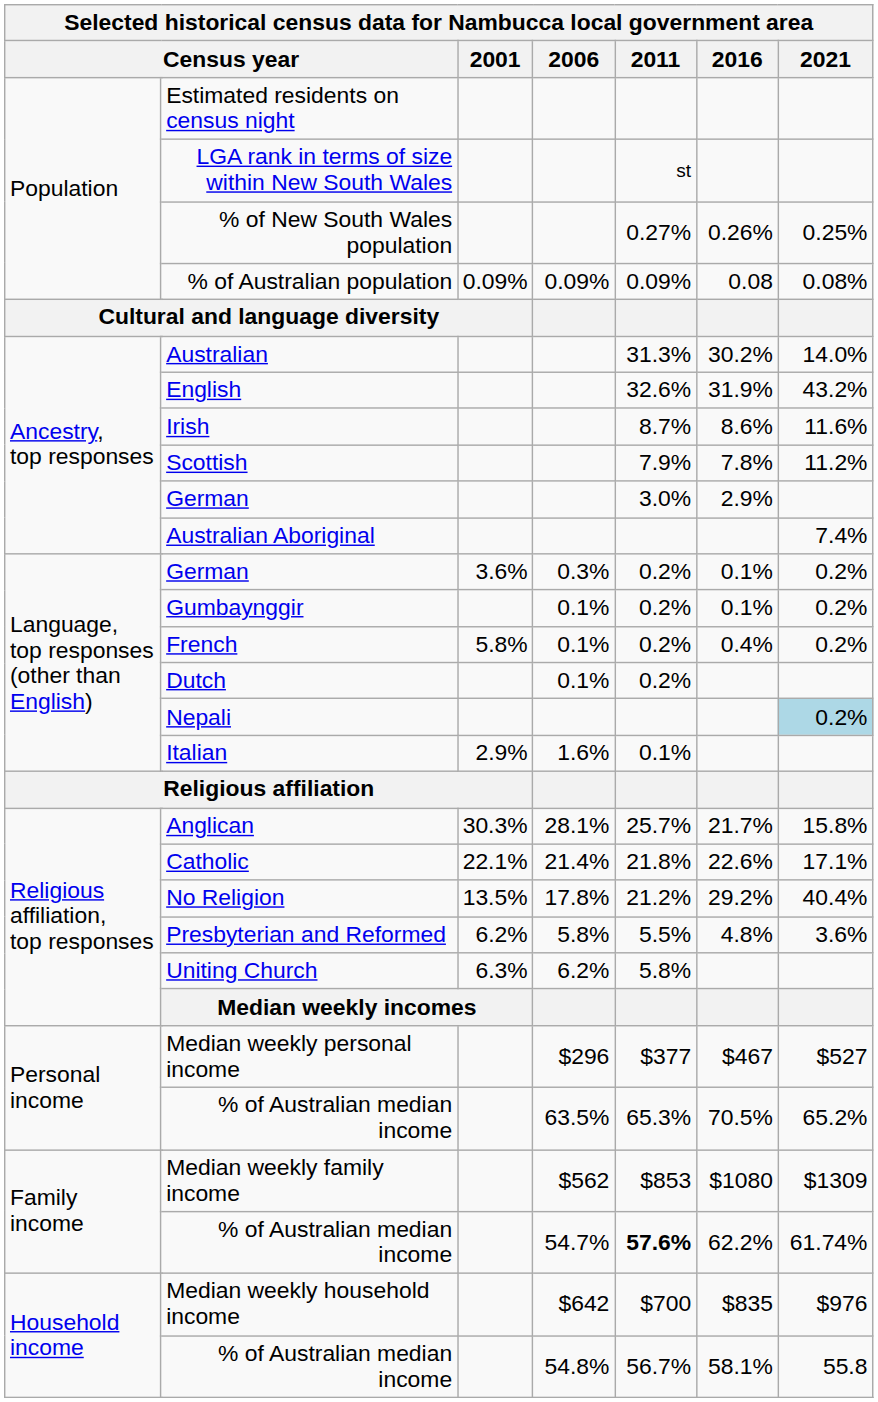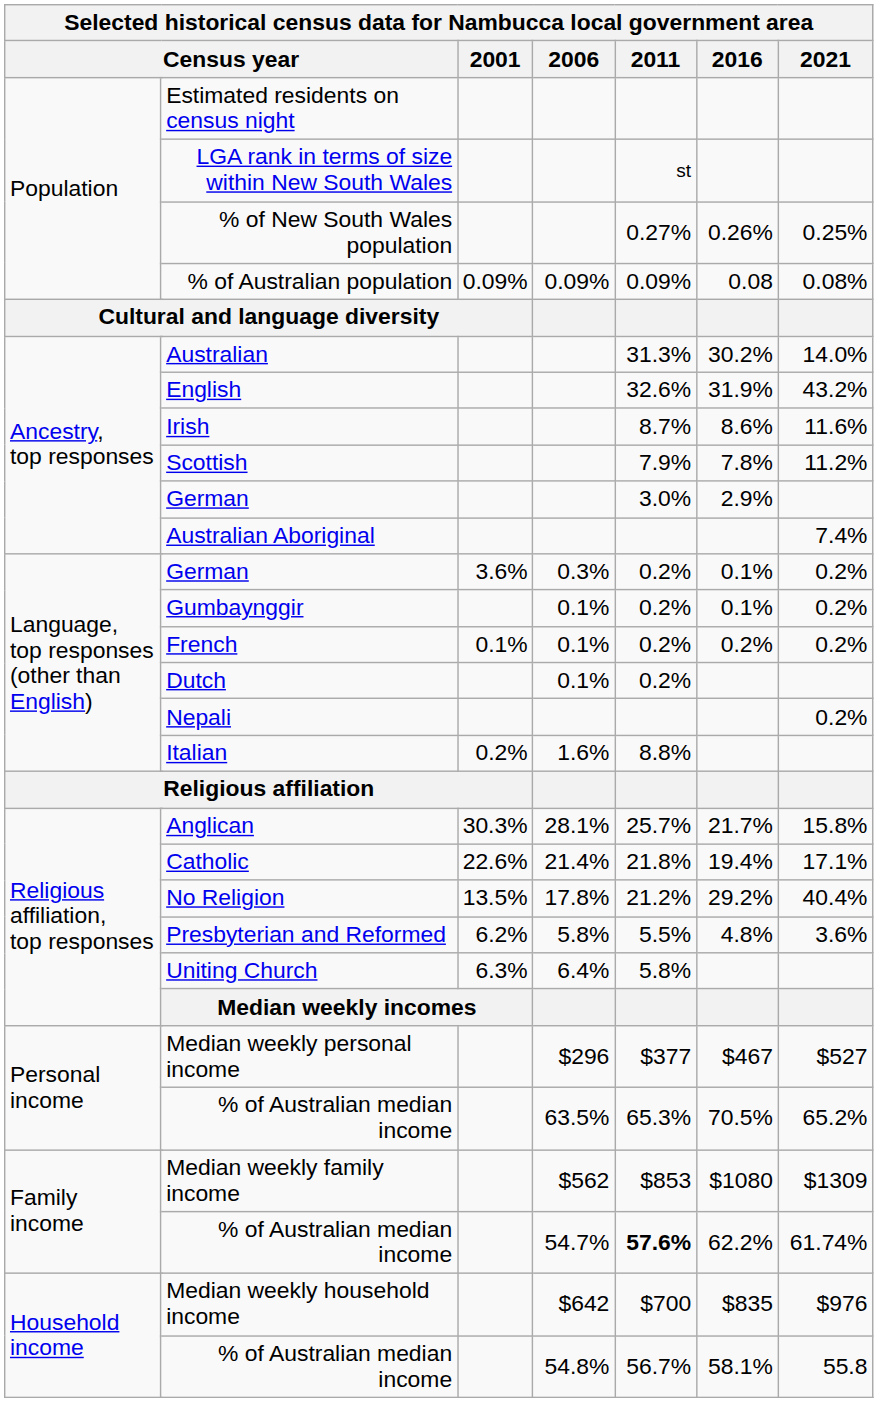 <table class="wikitable">
 <tr>
 <th colspan=8>Selected historical census data for Nambucca local government area</th>
 </tr>
 <tr>
 <th colspan=3>Census year</th>
 <th>2001</th>
 <th>2006</th>
 <th>2011</th>
 <th>2016</th>
 <th>2021</th>
 </tr>
 <tr>
 <td rowspan=4 colspan="2">Population</td>
 <td>Estimated residents on <a href='#'>census night</a></td>
 <td align="right"></td>
 <td align="right"> </td>
 <td align="right"> </td>
 <td align="right"> </td>
 <td align="right"> </td>
 </tr>
 <tr>
 <td align="right"><a href='#'>LGA rank in terms of size within New South Wales</a></td>
 <td align="right"></td>
 <td align="right"><small></small></td>
 <td align="right"><small>st</small></td>
 <td align="right"></td>
 <td align="right"></td>
 </tr>
 <tr>
 <td align="right">% of New South Wales population</td>
 <td align="right"></td>
 <td align="right"></td>
 <td align="right">0.27%</td>
 <td align="right"> 0.26%</td>
 <td align="right"> 0.25%</td>
 </tr>
 <tr>
 <td align="right">% of Australian population</td>
 <td align="right">0.09%</td>
 <td align="right"> 0.09%</td>
 <td align="right"> 0.09%</td>
 <td align="right"> 0.08</td>
 <td align="right"> 0.08%</td>
 </tr>
 <tr>
 <th colspan=4>Cultural and language diversity</th>
 <th></th>
 <th></th>
 <th></th>
 <th></th>
 </tr>
 <tr>
 <td rowspan=6 colspan=2><a href='#'>Ancestry</a>,<br>top responses</td>
 <td><a href='#'>Australian</a></td>
 <td align="right"></td>
 <td align="right"></td>
 <td align="right">31.3%</td>
 <td align="right"> 30.2%</td>
 <td align="right"> 14.0%</td>
 </tr>
 <tr>
 <td><a href='#'>English</a></td>
 <td align="right"></td>
 <td align="right"></td>
 <td align="right">32.6%</td>
 <td align="right"> 31.9%</td>
 <td align="right"> 43.2%</td>
 </tr>
 <tr>
 <td><a href='#'>Irish</a></td>
 <td align="right"></td>
 <td align="right"></td>
 <td align="right">8.7%</td>
 <td align="right"> 8.6%</td>
 <td align="right"> 11.6%</td>
 </tr>
 <tr>
 <td><a href='#'>Scottish</a></td>
 <td align="right"></td>
 <td align="right"></td>
 <td align="right">7.9%</td>
 <td align="right"> 7.8%</td>
 <td align="right"> 11.2%</td>
 </tr>
 <tr>
 <td><a href='#'>German</a></td>
 <td align="right"></td>
 <td align="right"></td>
 <td align="right">3.0%</td>
 <td align="right"> 2.9%</td>
 <td align="right"></td>
 </tr>
 <tr>
 <td><a href='#'>Australian Aboriginal</a></td>
 <td align="right"></td>
 <td align="right"></td>
 <td align="right"></td>
 <td align="right"></td>
 <td align="right">7.4%</td>
 </tr>
 <tr>
 <td rowspan=6 colspan=2>Language,<br>top responses<br>(other than <a href='#'>English</a>)</td>
 <td><a href='#'>German</a></td>
 <td align="right">3.6%</td>
 <td align="right"> 0.3%</td>
 <td align="right"> 0.2%</td>
 <td align="right"> 0.1%</td>
 <td align="right"> 0.2%</td>
 </tr>
 <tr>
 <td><a href='#'>Gumbaynggir</a></td>
 <td align="right"></td>
 <td align="right">0.1%</td>
 <td align="right"> 0.2%</td>
 <td align="right"> 0.1%</td>
 <td align="right"> 0.2%</td>
 </tr>
 <tr>
 <td><a href='#'>French</a></td>
-<td align="right">5.8%</td>
+<td align="right">0.1%</td>
 <td align="right"> 0.1%</td>
 <td align="right"> 0.2%</td>
-<td align="right"> 0.4%</td>
+<td align="right"> 0.2%</td>
 <td align="right"> 0.2%</td>
 </tr>
 <tr>
 <td><a href='#'>Dutch</a></td>
 <td align="right"></td>
 <td align="right">0.1%</td>
 <td align="right"> 0.2%</td>
 <td align="right"></td>
 <td align="right"></td>
 </tr>
 <tr>
 <td><a href='#'>Nepali</a></td>
 <td align="right"></td>
 <td align="right"></td>
 <td align="right"></td>
 <td align="right"></td>
-<td align="right" style="background: lightblue;">0.2%</td>
+<td align="right">0.2%</td>
 </tr>
 <tr>
 <td><a href='#'>Italian</a></td>
-<td align="right">2.9%</td>
+<td align="right">0.2%</td>
 <td align="right"> 1.6%</td>
-<td align="right"> 0.1%</td>
+<td align="right"> 8.8%</td>
 <td align="right"></td>
 <td align="right"></td>
 </tr>
 <tr>
 <th colspan=4>Religious affiliation</th>
 <th></th>
 <th></th>
 <th></th>
 <th></th>
 </tr>
 <tr>
 <td rowspan=6 colspan=2><a href='#'>Religious</a> affiliation,<br>top responses</td>
 <td><a href='#'>Anglican</a></td>
 <td align="right">30.3%</td>
 <td align="right"> 28.1%</td>
 <td align="right"> 25.7%</td>
 <td align="right"> 21.7%</td>
 <td align="right"> 15.8%</td>
 </tr>
 <tr>
 <td><a href='#'>Catholic</a></td>
-<td align="right">22.1%</td>
+<td align="right">22.6%</td>
 <td align="right"> 21.4%</td>
 <td align="right"> 21.8%</td>
-<td align="right"> 22.6%</td>
+<td align="right"> 19.4%</td>
 <td align="right"> 17.1%</td>
 </tr>
 <tr>
 <td><a href='#'>No Religion</a></td>
 <td align="right">13.5%</td>
 <td align="right"> 17.8%</td>
 <td align="right"> 21.2%</td>
 <td align="right"> 29.2%</td>
 <td align="right"> 40.4%</td>
 </tr>
 <tr>
 <td><a href='#'>Presbyterian and Reformed</a></td>
 <td align="right">6.2%</td>
 <td align="right"> 5.8%</td>
 <td align="right"> 5.5%</td>
 <td align="right"> 4.8%</td>
 <td align="right"> 3.6%</td>
 </tr>
 <tr>
 <td><a href='#'>Uniting Church</a></td>
 <td align="right">6.3%</td>
-<td align="right"> 6.2%</td>
+<td align="right"> 6.4%</td>
 <td align="right"> 5.8%</td>
 <td align="right"></td>
 <td align="right"></td>
 </tr>
 <tr>
 <th colspan=2>Median weekly incomes</th>
 <th></th>
 <th></th>
 <th></th>
 <th></th>
 </tr>
 <tr>
 <td rowspan=2 colspan=2>Personal income</td>
 <td>Median weekly personal income</td>
 <td align="right"></td>
 <td align="right">$296</td>
 <td align="right"> $377</td>
 <td align="right"> $467</td>
 <td align="right"> $527</td>
 </tr>
 <tr>
 <td align="right">% of Australian median income</td>
 <td align="right"></td>
 <td align="right">63.5%</td>
 <td align="right"> 65.3%</td>
 <td align="right"> 70.5%</td>
 <td align="right"> 65.2%</td>
 </tr>
 <tr>
 <td rowspan=2 colspan=2>Family income</td>
 <td>Median weekly family income</td>
 <td align="right"></td>
 <td align="right">$562</td>
 <td align="right"> $853</td>
 <td align="right"> $1080</td>
 <td align="right"> $1309</td>
 </tr>
 <tr>
 <td align="right">% of Australian median income</td>
 <td align="right"></td>
 <td align="right">54.7%</td>
 <td align="right"><strong> 57.6%</strong></td>
 <td align="right"> 62.2%</td>
 <td align="right"> 61.74%</td>
 </tr>
 <tr>
 <td rowspan=2 colspan=2><a href='#'>Household income</a></td>
 <td>Median weekly household income</td>
 <td align="right"></td>
 <td align="right">$642</td>
 <td align="right"> $700</td>
 <td align="right"> $835</td>
 <td align="right"> $976</td>
 </tr>
 <tr>
 <td align="right">% of Australian median income</td>
 <td align="right"></td>
 <td align="right">54.8%</td>
 <td align="right"> 56.7%</td>
 <td align="right"> 58.1%</td>
 <td align="right"> 55.8</td>
 </tr>
 <tr>
 </tr>
 </table>
